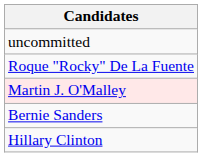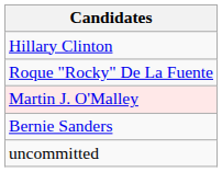 <table class="wikitable">
 <tr>
 <th>Candidates</th>
 </tr>
 <tr>
-<td>uncommitted</td>
+<td><a href='#'>Hillary Clinton</a></td>
 </tr>
 <tr>
 <td><a href='#'>Roque "Rocky" De La Fuente</a></td>
 </tr>
 <tr bgcolor=#FFE8E8>
 <td><a href='#'>Martin J. O'Malley</a></td>
 </tr>
 <tr>
 <td><a href='#'>Bernie Sanders</a></td>
 </tr>
 <tr>
-<td><a href='#'>Hillary Clinton</a></td>
+<td>uncommitted</td>
 </tr>
 </table>
